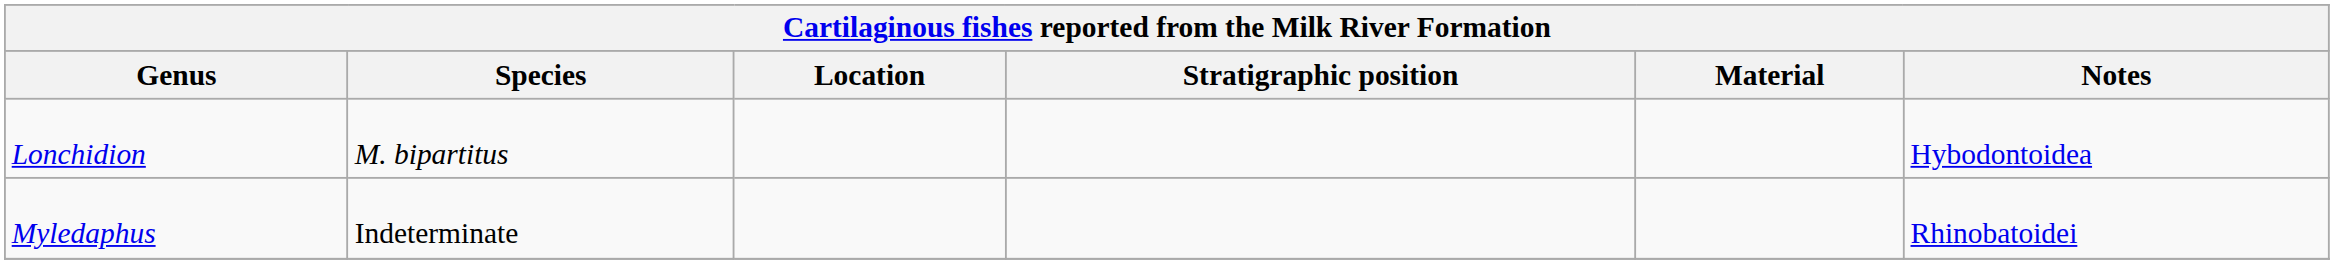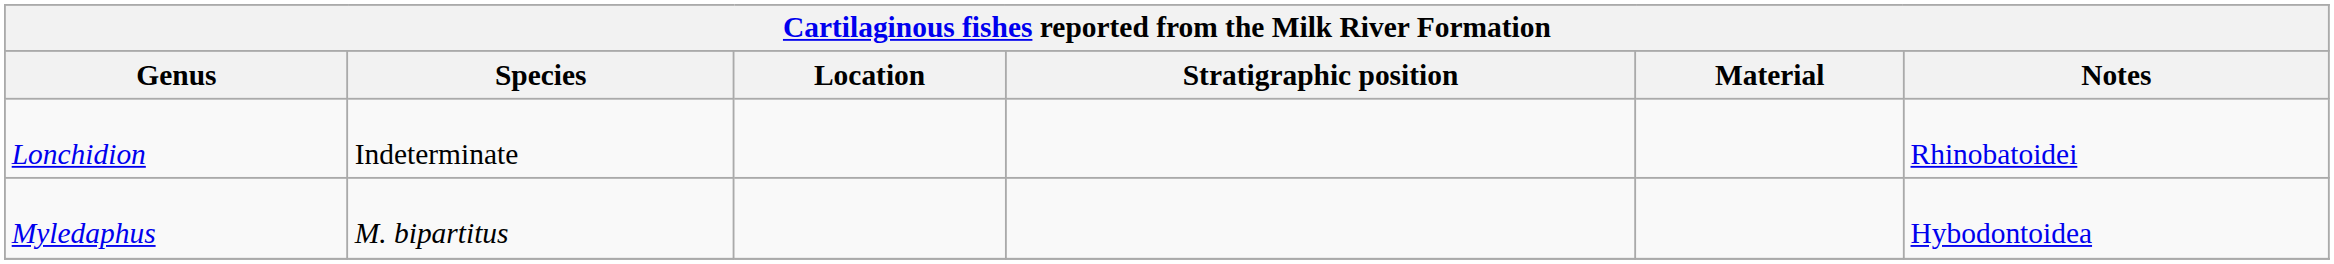 <table class="wikitable" align="center" width="100%">
 <tr>
 <th colspan="7" align="center"><strong><a href='#'>Cartilaginous fishes</a> reported from the Milk River Formation</strong></th>
 </tr>
 <tr>
 <th>Genus</th>
 <th>Species</th>
 <th>Location</th>
 <th>Stratigraphic position</th>
 <th>Material</th>
 <th>Notes<br></th>
 </tr>
 <tr>
 <td><br><em><a href='#'>Lonchidion</a></em></td>
+<td><br>Indeterminate</td>
+<td></td>
+<td></td>
+<td></td>
+<td><br><a href='#'>Rhinobatoidei</a></td>
+</tr>
+<tr>
+<td><br><em><a href='#'>Myledaphus</a></em></td>
 <td><br><em>M. bipartitus</em></td>
 <td></td>
 <td></td>
 <td></td>
 <td><br><a href='#'>Hybodontoidea</a> </td>
 </tr>
 <tr>
-<td><br><em><a href='#'>Myledaphus</a></em></td>
-<td><br>Indeterminate</td>
-<td></td>
-<td></td>
-<td></td>
-<td><br><a href='#'>Rhinobatoidei</a></td>
-</tr>
-<tr>
 </tr>
 </table>
